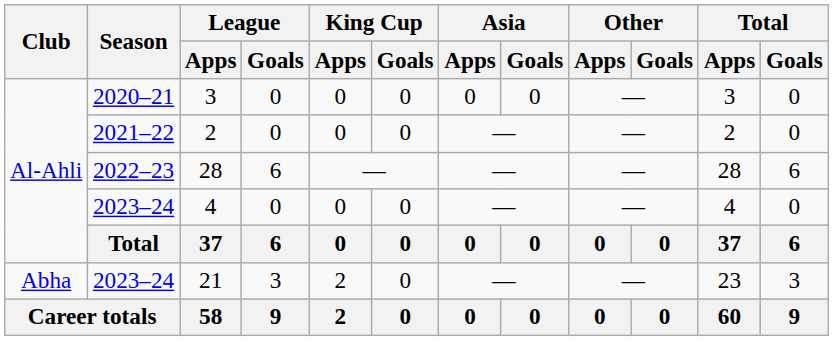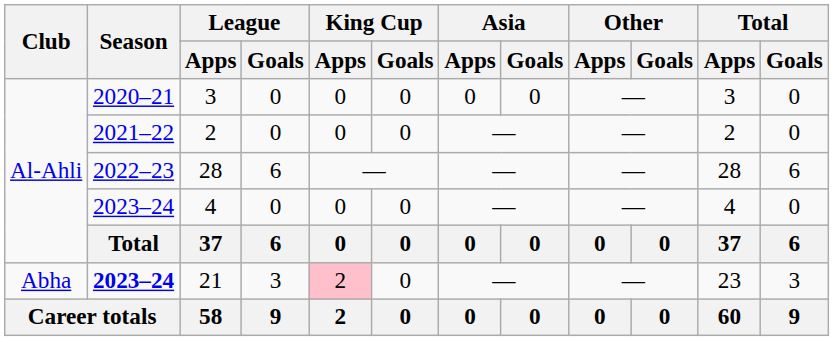 <table class="wikitable" style="text-align: center">
 <tr>
 <th rowspan=2>Club</th>
 <th rowspan=2>Season</th>
 <th colspan=2>League</th>
 <th colspan=2>King Cup</th>
 <th colspan=2>Asia</th>
 <th colspan=2>Other</th>
 <th colspan=2>Total</th>
 </tr>
 <tr>
 <th>Apps</th>
 <th>Goals</th>
 <th>Apps</th>
 <th>Goals</th>
 <th>Apps</th>
 <th>Goals</th>
 <th>Apps</th>
 <th>Goals</th>
 <th>Apps</th>
 <th>Goals</th>
 </tr>
 <tr>
 <td rowspan=5><a href='#'>Al-Ahli</a></td>
 <td><a href='#'>2020–21</a></td>
 <td>3</td>
 <td>0</td>
 <td>0</td>
 <td>0</td>
 <td>0</td>
 <td>0</td>
 <td colspan=2>—</td>
 <td>3</td>
 <td>0</td>
 </tr>
 <tr>
 <td><a href='#'>2021–22</a></td>
 <td>2</td>
 <td>0</td>
 <td>0</td>
 <td>0</td>
 <td colspan=2>—</td>
 <td colspan=2>—</td>
 <td>2</td>
 <td>0</td>
 </tr>
 <tr>
 <td><a href='#'>2022–23</a></td>
 <td>28</td>
 <td>6</td>
 <td colspan=2>—</td>
 <td colspan=2>—</td>
 <td colspan=2>—</td>
 <td>28</td>
 <td>6</td>
 </tr>
 <tr>
 <td><a href='#'>2023–24</a></td>
 <td>4</td>
 <td>0</td>
 <td>0</td>
 <td>0</td>
 <td colspan=2>—</td>
 <td colspan=2>—</td>
 <td>4</td>
 <td>0</td>
 </tr>
 <tr>
 <th>Total</th>
 <th>37</th>
 <th>6</th>
 <th>0</th>
 <th>0</th>
 <th>0</th>
 <th>0</th>
 <th>0</th>
 <th>0</th>
 <th>37</th>
 <th>6</th>
 </tr>
 <tr>
 <td rowspan=1><a href='#'>Abha</a></td>
-<td><a href='#'>2023–24</a></td>
+<td><strong><a href='#'>2023–24</a></strong></td>
 <td>21</td>
 <td>3</td>
-<td>2</td>
+<td style="background: pink;">2</td>
 <td>0</td>
 <td colspan=2>—</td>
 <td colspan=2>—</td>
 <td>23</td>
 <td>3</td>
 </tr>
 <tr>
 <th colspan=2>Career totals</th>
 <th>58</th>
 <th>9</th>
 <th>2</th>
 <th>0</th>
 <th>0</th>
 <th>0</th>
 <th>0</th>
 <th>0</th>
 <th>60</th>
 <th>9</th>
 </tr>
 </table>
